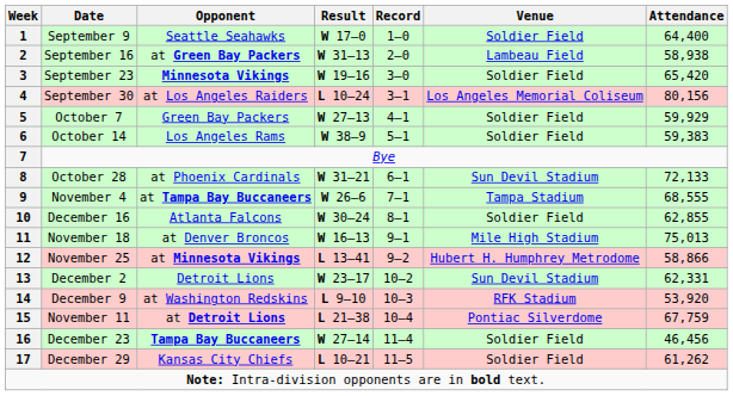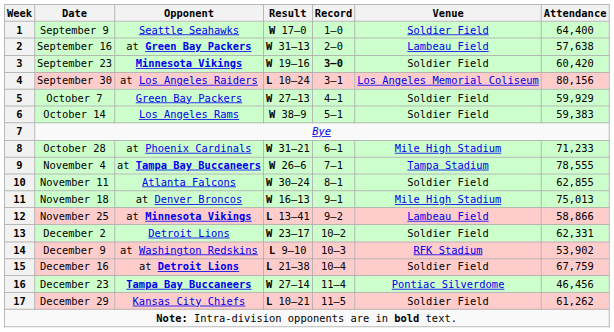 <table class="wikitable" style="text-align:center">
 <tr>
 <th>Week</th>
 <th>Date</th>
 <th>Opponent</th>
 <th>Result</th>
 <th>Record</th>
 <th>Venue</th>
 <th>Attendance</th>
 </tr>
 <tr style="background:#cfc">
 <th>1</th>
 <td>September 9</td>
 <td><a href='#'>Seattle Seahawks</a></td>
 <td><strong>W</strong> 17–0</td>
 <td>1–0</td>
 <td><a href='#'>Soldier Field</a></td>
 <td>64,400</td>
 </tr>
 <tr style="background:#cfc">
 <th>2</th>
 <td>September 16</td>
 <td>at <strong><a href='#'>Green Bay Packers</a></strong></td>
 <td><strong>W</strong> 31–13</td>
 <td>2–0</td>
 <td><a href='#'>Lambeau Field</a></td>
-<td>58,938</td>
+<td>57,638</td>
 </tr>
 <tr style="background:#cfc">
 <th>3</th>
 <td>September 23</td>
 <td><strong><a href='#'>Minnesota Vikings</a></strong></td>
 <td><strong>W</strong> 19–16</td>
-<td>3–0</td>
+<td><strong>3–0</strong></td>
 <td>Soldier Field</td>
-<td>65,420</td>
+<td>60,420</td>
 </tr>
 <tr style="background:#fcc">
 <th>4</th>
 <td>September 30</td>
 <td>at <a href='#'>Los Angeles Raiders</a></td>
 <td><strong>L</strong> 10–24</td>
 <td>3–1</td>
 <td><a href='#'>Los Angeles Memorial Coliseum</a></td>
 <td>80,156</td>
 </tr>
 <tr style="background:#cfc">
 <th>5</th>
 <td>October 7</td>
 <td><a href='#'>Green Bay Packers</a></td>
 <td><strong>W</strong> 27–13</td>
 <td>4–1</td>
 <td>Soldier Field</td>
 <td>59,929</td>
 </tr>
 <tr style="background:#cfc">
 <th>6</th>
 <td>October 14</td>
 <td><a href='#'>Los Angeles Rams</a></td>
 <td><strong>W</strong> 38–9</td>
 <td>5–1</td>
 <td>Soldier Field</td>
 <td>59,383</td>
 </tr>
 <tr>
 <th>7</th>
 <td colspan="7"><em><a href='#'>Bye</a></em></td>
 </tr>
 <tr style="background:#cfc">
 <th>8</th>
 <td>October 28</td>
 <td>at <a href='#'>Phoenix Cardinals</a></td>
 <td><strong>W</strong> 31–21</td>
 <td>6–1</td>
-<td><a href='#'>Sun Devil Stadium</a></td>
-<td>72,133</td>
+<td><a href='#'>Mile High Stadium</a></td>
+<td>71,233</td>
 </tr>
 <tr style="background:#cfc">
 <th>9</th>
 <td>November 4</td>
 <td>at <strong><a href='#'>Tampa Bay Buccaneers</a></strong></td>
 <td><strong>W</strong> 26–6</td>
 <td>7–1</td>
 <td><a href='#'>Tampa Stadium</a></td>
-<td>68,555</td>
+<td>78,555</td>
 </tr>
 <tr style="background:#cfc">
 <th>10</th>
-<td>December 16</td>
+<td>November 11</td>
 <td><a href='#'>Atlanta Falcons</a></td>
 <td><strong>W</strong> 30–24</td>
 <td>8–1</td>
 <td>Soldier Field</td>
 <td>62,855</td>
 </tr>
 <tr style="background:#cfc">
 <th>11</th>
 <td>November 18</td>
 <td>at <a href='#'>Denver Broncos</a></td>
 <td><strong>W</strong> 16–13 </td>
 <td>9–1</td>
 <td><a href='#'>Mile High Stadium</a></td>
 <td>75,013</td>
 </tr>
 <tr style="background:#fcc">
 <th>12</th>
 <td>November 25</td>
 <td>at <strong><a href='#'>Minnesota Vikings</a></strong></td>
 <td><strong>L</strong> 13–41</td>
 <td>9–2</td>
-<td><a href='#'>Hubert H. Humphrey Metrodome</a></td>
+<td><a href='#'>Lambeau Field</a></td>
 <td>58,866</td>
 </tr>
 <tr style="background:#cfc">
 <th>13</th>
 <td>December 2</td>
 <td><a href='#'>Detroit Lions</a></td>
 <td><strong>W</strong> 23–17 </td>
 <td>10–2</td>
-<td><a href='#'>Sun Devil Stadium</a></td>
+<td>Soldier Field</td>
 <td>62,331</td>
 </tr>
 <tr style="background:#fcc">
 <th>14</th>
 <td>December 9</td>
 <td>at <a href='#'>Washington Redskins</a></td>
 <td><strong>L</strong> 9–10</td>
 <td>10–3</td>
 <td><a href='#'>RFK Stadium</a></td>
-<td>53,920</td>
+<td>53,902</td>
 </tr>
 <tr style="background:#fcc">
 <th>15</th>
-<td>November 11</td>
+<td>December 16</td>
 <td>at <strong><a href='#'>Detroit Lions</a></strong></td>
 <td><strong>L</strong> 21–38</td>
 <td>10–4</td>
-<td><a href='#'>Pontiac Silverdome</a></td>
+<td>Soldier Field</td>
 <td>67,759</td>
 </tr>
 <tr style="background:#cfc">
 <th>16</th>
 <td>December 23</td>
 <td><strong><a href='#'>Tampa Bay Buccaneers</a></strong></td>
 <td><strong>W</strong> 27–14</td>
 <td>11–4</td>
-<td>Soldier Field</td>
+<td><a href='#'>Pontiac Silverdome</a></td>
 <td>46,456</td>
 </tr>
 <tr style="background:#fcc">
 <th>17</th>
 <td>December 29</td>
 <td><a href='#'>Kansas City Chiefs</a></td>
 <td><strong>L</strong> 10–21</td>
 <td>11–5</td>
 <td>Soldier Field</td>
 <td>61,262</td>
 </tr>
 <tr>
 <td colspan="8"><strong>Note:</strong> Intra-division opponents are in <strong>bold</strong> text.</td>
 </tr>
 </table>
